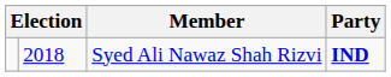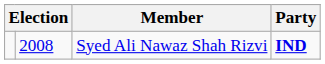 <table class="wikitable">
 <tr>
 <th colspan="2">Election</th>
 <th>Member</th>
 <th>Party</th>
 </tr>
 <tr>
 <td style="background-color: "></td>
-<td><a href='#'>2018</a></td>
+<td><a href='#'>2008</a></td>
 <td><a href='#'>Syed Ali Nawaz Shah Rizvi</a></td>
 <td><strong><a href='#'>IND</a></strong></td>
 </tr>
 </table>
